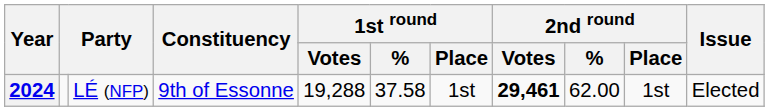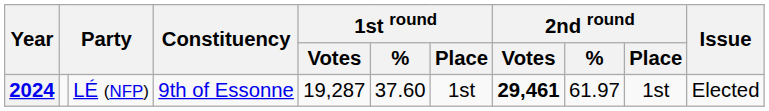 <table class="wikitable" style="text-align:center">
 <tr>
 <th rowspan="2" scope="col">Year</th>
 <th colspan="2" rowspan="2" scope="col">Party</th>
 <th rowspan="2" scope="col">Constituency</th>
 <th colspan="3"><abbr>1st <sup>round</sup></abbr></th>
 <th colspan="3"><abbr>2nd <sup>round</sup></abbr></th>
 <th rowspan="2">Issue</th>
 </tr>
 <tr>
 <th>Votes</th>
 <th>%</th>
 <th>Place</th>
 <th>Votes</th>
 <th>%</th>
 <th>Place</th>
 </tr>
 <tr>
 <th><a href='#'>2024</a></th>
 <td style="color:inherit;background:"></td>
 <td><a href='#'>LÉ</a> <small>(<a href='#'>NFP</a>)</small></td>
 <td><a href='#'>9th of Essonne</a></td>
-<td>19,288</td>
-<td>37.58</td>
+<td>19,287</td>
+<td>37.60</td>
 <td>1st</td>
 <td><strong>29,461</strong></td>
-<td>62.00</td>
+<td>61.97</td>
 <td>1st</td>
 <td>Elected</td>
 </tr>
 </table>
